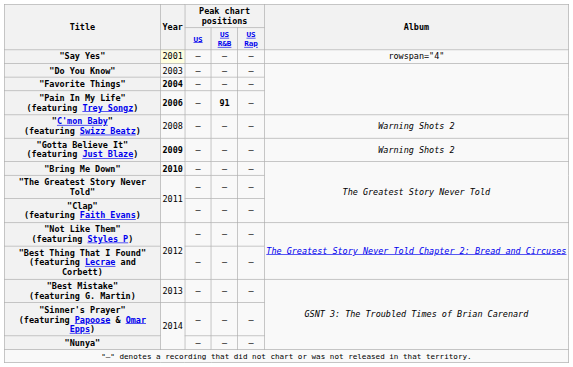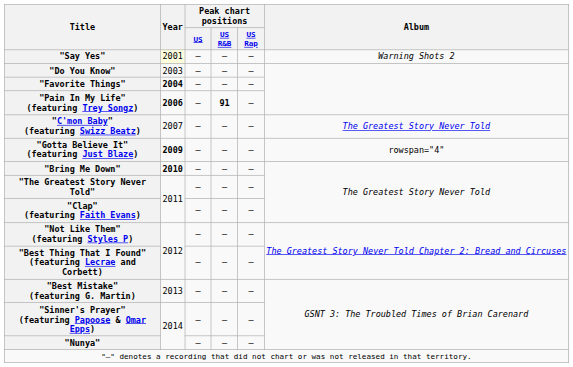 <table class="wikitable plainrowheaders" style="text-align:center;">
 <tr>
 <th scope="col" rowspan="2" style="width:18em;">Title</th>
 <th scope="col" rowspan="2">Year</th>
 <th scope="col" colspan="3">Peak chart positions</th>
 <th scope="col" rowspan="2">Album</th>
 </tr>
 <tr>
 <th scope="col" style="width:3em;font-size:90%;"><a href='#'>US</a><br></th>
 <th scope="col" style="width:3em;font-size:90%;"><a href='#'>US R&B</a><br></th>
 <th scope="col" style="width:3em;font-size:90%;"><a href='#'>US Rap</a><br></th>
 </tr>
 <tr>
 <th scope="row">"Say Yes"</th>
 <td style="background: lightyellow;">2001</td>
 <td>—</td>
 <td>—</td>
 <td>—</td>
-<td>rowspan="4" </td>
+<td><em>Warning Shots 2</em></td>
 </tr>
 <tr>
 <th scope="row">"Do You Know"</th>
 <td>2003</td>
 <td>—</td>
 <td>—</td>
 <td>—</td>
 </tr>
 <tr>
 <th scope="row">"Favorite Things"</th>
 <td><strong>2004</strong></td>
 <td>—</td>
 <td>—</td>
 <td>—</td>
 </tr>
 <tr>
 <th scope="row">"Pain In My Life"<br><span>(featuring <a href='#'>Trey Songz</a>)</span></th>
 <td><strong>2006</strong></td>
 <td>—</td>
 <td><strong>91</strong></td>
 <td>—</td>
 </tr>
 <tr>
 <th scope="row">"<a href='#'>C'mon Baby</a>"<br><span>(featuring <a href='#'>Swizz Beatz</a>)</span></th>
-<td>2008</td>
+<td>2007</td>
 <td>—</td>
 <td>—</td>
 <td>—</td>
-<td><em>Warning Shots 2</em></td>
+<td><em><a href='#'>The Greatest Story Never Told</a></em></td>
 </tr>
 <tr>
 <th scope="row">"Gotta Believe It"<br><span>(featuring <a href='#'>Just Blaze</a>)</span></th>
 <td><strong>2009</strong></td>
 <td>—</td>
 <td>—</td>
 <td>—</td>
-<td><em>Warning Shots 2</em></td>
+<td>rowspan="4" </td>
 </tr>
 <tr>
 <th scope="row">"Bring Me Down"</th>
 <td><strong>2010</strong></td>
 <td>—</td>
 <td>—</td>
 <td>—</td>
 <td rowspan="3"><em>The Greatest Story Never Told</em></td>
 </tr>
 <tr>
 <th scope="row">"The Greatest Story Never Told"</th>
 <td rowspan="2">2011</td>
 <td>—</td>
 <td>—</td>
 <td>—</td>
 </tr>
 <tr>
 <th scope="row">"Clap"<br><span>(featuring <a href='#'>Faith Evans</a>)</span></th>
 <td>—</td>
 <td>—</td>
 <td>—</td>
 </tr>
 <tr>
 <th scope="row">"Not Like Them"<br><span>(featuring <a href='#'>Styles P</a>)</span></th>
 <td rowspan="2">2012</td>
 <td>—</td>
 <td>—</td>
 <td>—</td>
 <td rowspan="2"><em><a href='#'>The Greatest Story Never Told Chapter 2: Bread and Circuses</a></em></td>
 </tr>
 <tr>
 <th scope="row">"Best Thing That I Found"<br><span>(featuring <a href='#'>Lecrae</a> and Corbett)</span></th>
 <td>—</td>
 <td>—</td>
 <td>—</td>
 </tr>
 <tr>
 <th scope="row">"Best Mistake"<br><span>(featuring G. Martin)</span></th>
 <td>2013</td>
 <td>—</td>
 <td>—</td>
 <td>—</td>
 <td rowspan="3"><em>GSNT 3: The Troubled Times of Brian Carenard</em></td>
 </tr>
 <tr>
 <th scope="row">"Sinner's Prayer"<br><span>(featuring <a href='#'>Papoose</a> & <a href='#'>Omar Epps</a>)</span></th>
 <td rowspan="2">2014</td>
 <td>—</td>
 <td>—</td>
 <td>—</td>
 </tr>
 <tr>
 <th scope="row">"Nunya"</th>
 <td>—</td>
 <td>—</td>
 <td>—</td>
 </tr>
 <tr>
 <td colspan="13" style="font-size:90%">"—" denotes a recording that did not chart or was not released in that territory.</td>
 </tr>
 </table>
